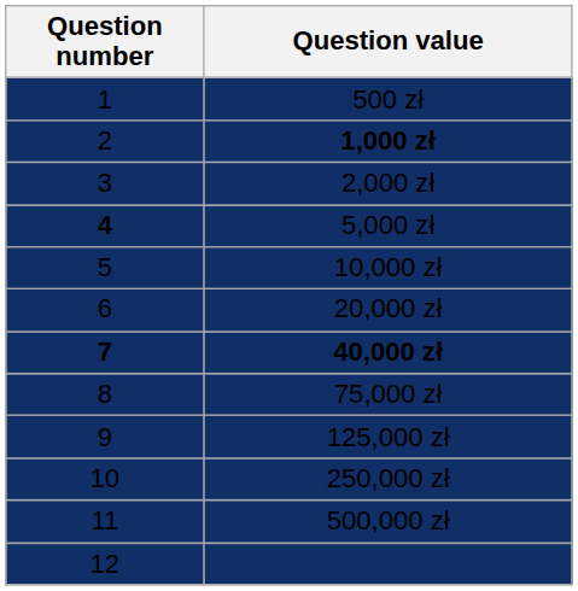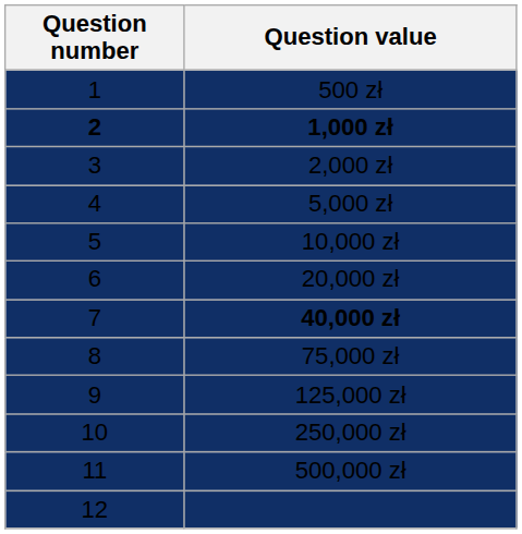 <table class="wikitable" style="text-align:center; border:1px;; cellpadding:2; cellspacing:0; width:27%;">
 <tr>
 <th style="width: 35%" style="background: #102f66"><span>Question number</span></th>
 <th style="width: 65%" style="background: #102f66"><span>Question value</span></th>
 </tr>
 <tr>
 <td style="background: #102f66"><span>1</span></td>
 <td style="background: #102f66"><span>500 zł</span></td>
 </tr>
 <tr>
-<td style="background: #102f66"><span>2</span></td>
+<td style="background: #102f66"><strong><span>2</span></strong></td>
 <td style="background: #102f66"><span><strong>1,000 zł</strong></span></td>
 </tr>
 <tr>
 <td style="background: #102f66"><span>3</span></td>
 <td style="background: #102f66"><span>2,000 zł</span></td>
 </tr>
 <tr>
-<td style="background: #102f66"><strong><span>4</span></strong></td>
+<td style="background: #102f66"><span>4</span></td>
 <td style="background: #102f66"><span>5,000 zł</span></td>
 </tr>
 <tr>
 <td style="background: #102f66"><span>5</span></td>
 <td style="background: #102f66"><span>10,000 zł</span></td>
 </tr>
 <tr>
 <td style="background: #102f66"><span>6</span></td>
 <td style="background: #102f66"><span>20,000 zł</span></td>
 </tr>
 <tr>
-<td style="background: #102f66"><strong><span>7</span></strong></td>
+<td style="background: #102f66"><span>7</span></td>
 <td style="background: #102f66"><span><strong>40,000 zł</strong></span></td>
 </tr>
 <tr>
 <td style="background: #102f66"><span>8</span></td>
 <td style="background: #102f66"><span>75,000 zł</span></td>
 </tr>
 <tr>
 <td style="background: #102f66"><span>9</span></td>
 <td style="background: #102f66"><span>125,000 zł</span></td>
 </tr>
 <tr>
 <td style="background: #102f66"><span>10</span></td>
 <td style="background: #102f66"><span>250,000 zł</span></td>
 </tr>
 <tr>
 <td style="background: #102f66"><span>11</span></td>
 <td style="background: #102f66"><span>500,000 zł</span></td>
 </tr>
 <tr>
 <td style="background: #102f66"><span>12</span></td>
 <td style="background: #102f66"><span></span></td>
 </tr>
 </table>
